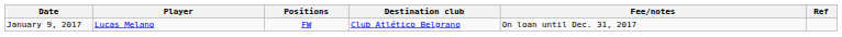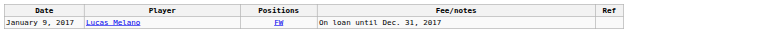 <table class="wikitable" style="text-align:left; font-size:95%;">
 <tr>
 <th style="width:125px;">Date</th>
 <th style="width:250px;">Player</th>
 <th style="width:120px;">Positions</th>
-<th style="width:220px;">Destination club</th>
 <th style="width:450px;">Fee/notes</th>
 <th style="width:40px;">Ref</th>
 </tr>
 <tr>
 <td>January 9, 2017</td>
 <td> <a href='#'>Lucas Melano</a></td>
 <td style="text-align:center;"><a href='#'>FW</a></td>
-<td> <a href='#'>Club Atlético Belgrano</a></td>
 <td>On loan until Dec. 31, 2017</td>
 <td></td>
 </tr>
 </table>
